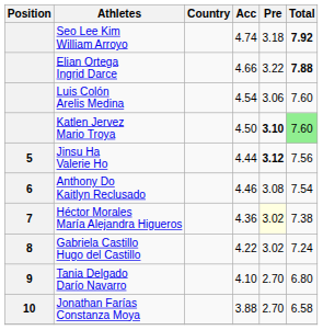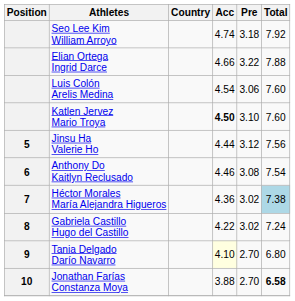 <table class="wikitable sortable" style="text-align:center; font-size:95%">
 <tr>
 <th scope=col>Position</th>
 <th scope=col>Athletes</th>
 <th scope=col>Country</th>
 <th scope=col>Acc</th>
 <th scope=col>Pre</th>
 <th>Total</th>
 </tr>
 <tr>
 <th scope=row></th>
 <td align=left><a href='#'>Seo Lee Kim</a><br><a href='#'>William Arroyo</a></td>
 <td align=left></td>
 <td>4.74</td>
 <td>3.18</td>
-<td><strong>7.92</strong></td>
+<td>7.92</td>
 </tr>
 <tr>
 <th scope=row></th>
 <td align=left><a href='#'>Elian Ortega</a><br><a href='#'>Ingrid Darce</a></td>
 <td align=left></td>
 <td>4.66</td>
 <td>3.22</td>
-<td><strong>7.88</strong></td>
+<td>7.88</td>
 </tr>
 <tr>
 <th scope=row></th>
 <td align=left><a href='#'>Luis Colón</a><br><a href='#'>Arelis Medina</a></td>
 <td align=left></td>
 <td>4.54</td>
 <td>3.06</td>
 <td>7.60</td>
 </tr>
 <tr>
 <th scope=row></th>
 <td align=left><a href='#'>Katlen Jervez</a><br><a href='#'>Mario Troya</a></td>
 <td align=left></td>
-<td>4.50</td>
-<td><strong>3.10</strong></td>
-<td style="background: lightgreen;">7.60</td>
+<td><strong>4.50</strong></td>
+<td>3.10</td>
+<td>7.60</td>
 </tr>
 <tr>
 <th scope=row>5</th>
 <td align=left><a href='#'>Jinsu Ha</a><br><a href='#'>Valerie Ho</a></td>
 <td align=left></td>
 <td>4.44</td>
-<td><strong>3.12</strong></td>
+<td>3.12</td>
 <td>7.56</td>
 </tr>
 <tr>
 <th scope=row>6</th>
 <td align=left><a href='#'>Anthony Do</a><br><a href='#'>Kaitlyn Reclusado</a></td>
 <td align=left></td>
 <td>4.46</td>
 <td>3.08</td>
 <td>7.54</td>
 </tr>
 <tr>
 <th scope=row>7</th>
 <td align=left><a href='#'>Héctor Morales</a><br><a href='#'>María Alejandra Higueros</a></td>
 <td align=left></td>
 <td>4.36</td>
-<td style="background: lightyellow;">3.02</td>
-<td>7.38</td>
+<td>3.02</td>
+<td style="background: lightblue;">7.38</td>
 </tr>
 <tr>
 <th scope=row>8</th>
 <td align=left><a href='#'>Gabriela Castillo</a><br><a href='#'>Hugo del Castillo</a></td>
 <td align=left></td>
 <td>4.22</td>
 <td>3.02</td>
 <td>7.24</td>
 </tr>
 <tr>
 <th scope=row>9</th>
 <td align=left><a href='#'>Tania Delgado</a><br><a href='#'>Darío Navarro</a></td>
 <td align=left></td>
-<td>4.10</td>
+<td style="background: lightyellow;">4.10</td>
 <td>2.70</td>
 <td>6.80</td>
 </tr>
 <tr>
 <th scope=row>10</th>
 <td align=left><a href='#'>Jonathan Farías</a><br><a href='#'>Constanza Moya</a></td>
 <td align=left></td>
 <td>3.88</td>
 <td>2.70</td>
-<td>6.58</td>
+<td><strong>6.58</strong></td>
 </tr>
 <tr>
 </tr>
 </table>
